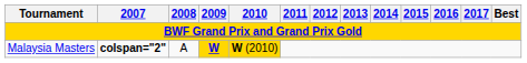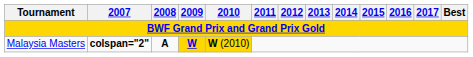 <table style='font-size: 90%; text-align:center;' class='wikitable'>
 <tr>
 <th>Tournament</th>
 <th><a href='#'>2007</a></th>
 <th><a href='#'>2008</a></th>
 <th><a href='#'>2009</a></th>
 <th><a href='#'>2010</a></th>
 <th><a href='#'>2011</a></th>
 <th><a href='#'>2012</a></th>
 <th><a href='#'>2013</a></th>
 <th><a href='#'>2014</a></th>
 <th><a href='#'>2015</a></th>
 <th><a href='#'>2016</a></th>
 <th><a href='#'>2017</a></th>
 <th>Best</th>
 </tr>
 <tr bgcolor=FFD700>
 <td colspan=20 align=center><strong><a href='#'>BWF Grand Prix and Grand Prix Gold</a></strong></td>
 </tr>
 <tr>
 <td align=left> <a href='#'>Malaysia Masters</a></td>
 <td><strong>colspan="2" </strong></td>
-<td>A</td>
+<td><strong>A</strong></td>
 <td bgcolor=Gold><a href='#'><strong>W</strong></a></td>
 <td bgcolor=gold><strong>W</strong> (2010)</td>
 </tr>
 </table>
